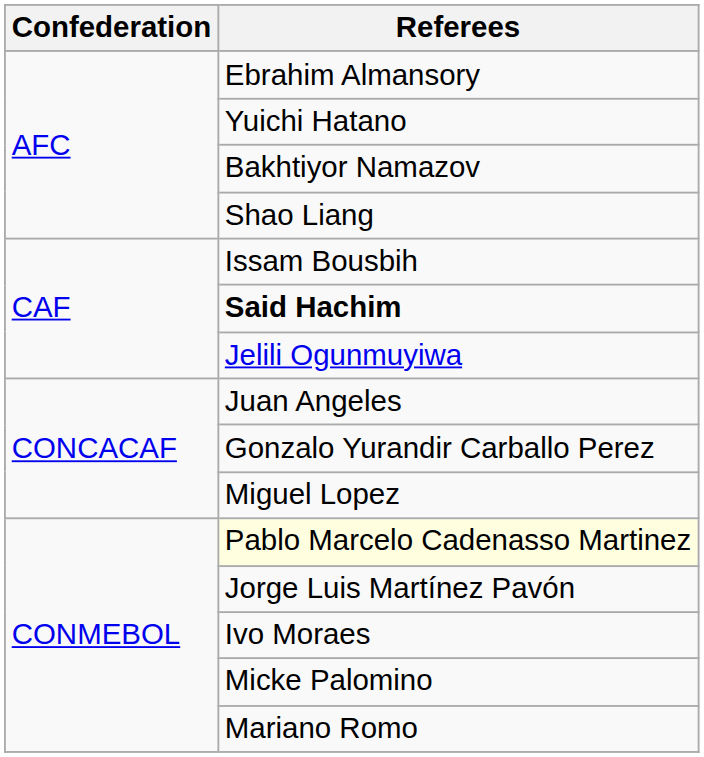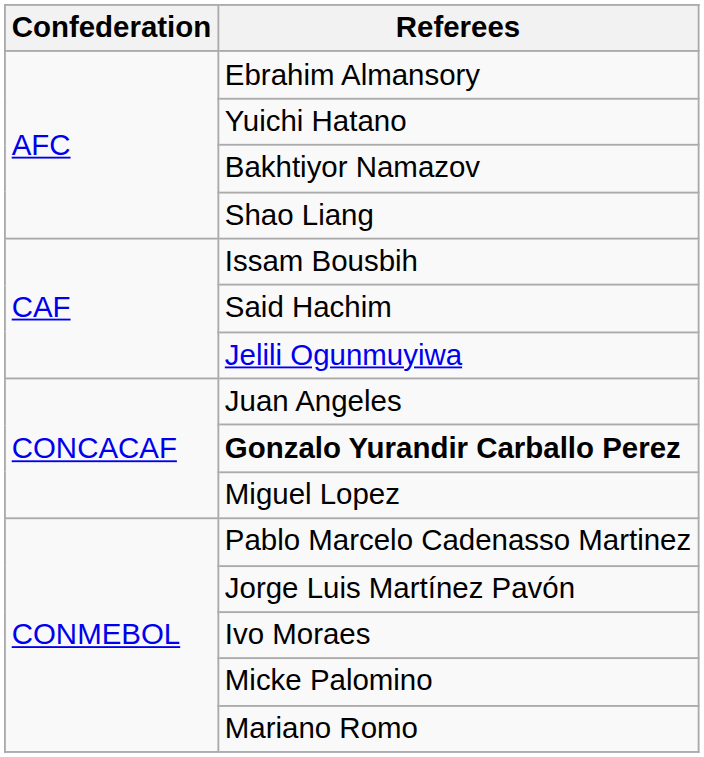 <table class="wikitable">
 <tr>
 <th>Confederation</th>
 <th>Referees</th>
 </tr>
 <tr>
 <td rowspan="4"><a href='#'>AFC</a></td>
 <td> Ebrahim Almansory</td>
 </tr>
 <tr>
 <td> Yuichi Hatano</td>
 </tr>
 <tr>
 <td> Bakhtiyor Namazov</td>
 </tr>
 <tr>
 <td> Shao Liang</td>
 </tr>
 <tr>
 <td rowspan="3"><a href='#'>CAF</a></td>
 <td> Issam Bousbih</td>
 </tr>
 <tr>
-<td><strong> Said Hachim</strong></td>
+<td> Said Hachim</td>
 </tr>
 <tr>
 <td> <a href='#'>Jelili Ogunmuyiwa</a></td>
 </tr>
 <tr>
 <td rowspan="3"><a href='#'>CONCACAF</a></td>
 <td> Juan Angeles</td>
 </tr>
 <tr>
-<td> Gonzalo Yurandir Carballo Perez</td>
+<td><strong> Gonzalo Yurandir Carballo Perez</strong></td>
 </tr>
 <tr>
 <td> Miguel Lopez</td>
 </tr>
 <tr>
 <td rowspan="5"><a href='#'>CONMEBOL</a></td>
-<td style="background: lightyellow;"> Pablo Marcelo Cadenasso Martinez</td>
+<td> Pablo Marcelo Cadenasso Martinez</td>
 </tr>
 <tr>
 <td> Jorge Luis Martínez Pavón</td>
 </tr>
 <tr>
 <td> Ivo Moraes</td>
 </tr>
 <tr>
 <td> Micke Palomino</td>
 </tr>
 <tr>
 <td> Mariano Romo</td>
 </tr>
 </table>
